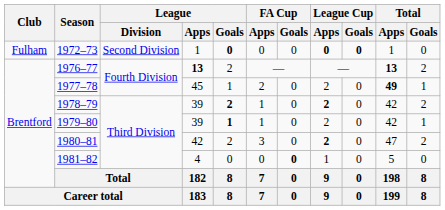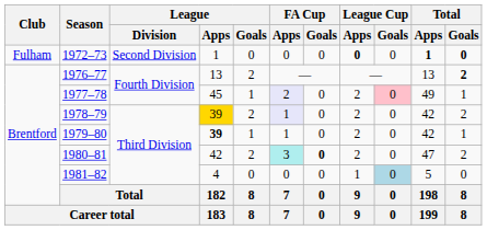 <table class="wikitable" style="text-align: center;">
 <tr>
 <th rowspan="2">Club</th>
 <th rowspan="2">Season</th>
 <th colspan="3">League</th>
 <th colspan="2">FA Cup</th>
 <th colspan="2">League Cup</th>
 <th colspan="2">Total</th>
 </tr>
 <tr>
 <th>Division</th>
 <th>Apps</th>
 <th>Goals</th>
 <th>Apps</th>
 <th>Goals</th>
 <th>Apps</th>
 <th>Goals</th>
 <th>Apps</th>
 <th>Goals</th>
 </tr>
 <tr>
 <td><a href='#'>Fulham</a></td>
 <td><a href='#'>1972–73</a></td>
 <td><a href='#'>Second Division</a></td>
 <td>1</td>
-<td><strong>0</strong></td>
+<td>0</td>
 <td>0</td>
 <td>0</td>
 <td><strong>0</strong></td>
+<td>0</td>
+<td><strong>1</strong></td>
 <td><strong>0</strong></td>
-<td>1</td>
-<td>0</td>
 </tr>
 <tr>
 <td rowspan="7"><a href='#'>Brentford</a></td>
 <td><a href='#'>1976–77</a></td>
 <td rowspan="2"><a href='#'>Fourth Division</a></td>
-<td><strong>13</strong></td>
+<td>13</td>
 <td>2</td>
 <td colspan="2">—</td>
 <td colspan="2">—</td>
-<td><strong>13</strong></td>
-<td>2</td>
+<td>13</td>
+<td><strong>2</strong></td>
 </tr>
 <tr>
 <td><a href='#'>1977–78</a></td>
 <td>45</td>
 <td>1</td>
-<td>2</td>
+<td style="background: lavender;">2</td>
 <td>0</td>
 <td>2</td>
-<td>0</td>
-<td><strong>49</strong></td>
+<td style="background: pink;">0</td>
+<td>49</td>
 <td>1</td>
 </tr>
 <tr>
 <td><a href='#'>1978–79</a></td>
 <td rowspan="4"><a href='#'>Third Division</a></td>
-<td>39</td>
-<td><strong>2</strong></td>
-<td>1</td>
+<td style="background: gold;">39</td>
+<td>2</td>
+<td style="background: lavender;">1</td>
 <td>0</td>
-<td><strong>2</strong></td>
+<td>2</td>
 <td>0</td>
 <td>42</td>
 <td>2</td>
 </tr>
 <tr>
 <td><a href='#'>1979–80</a></td>
-<td>39</td>
-<td><strong>1</strong></td>
+<td><strong>39</strong></td>
+<td>1</td>
 <td>1</td>
 <td>0</td>
 <td>2</td>
 <td>0</td>
 <td>42</td>
 <td>1</td>
 </tr>
 <tr>
 <td><a href='#'>1980–81</a></td>
 <td>42</td>
 <td>2</td>
-<td>3</td>
-<td>0</td>
-<td><strong>2</strong></td>
+<td style="background: paleturquoise;">3</td>
+<td><strong>0</strong></td>
+<td>2</td>
 <td>0</td>
 <td>47</td>
 <td>2</td>
 </tr>
 <tr>
 <td><a href='#'>1981–82</a></td>
 <td>4</td>
 <td>0</td>
 <td>0</td>
-<td><strong>0</strong></td>
+<td>0</td>
 <td>1</td>
-<td>0</td>
+<td style="background: lightblue;">0</td>
 <td>5</td>
 <td>0</td>
 </tr>
 <tr>
 <th colspan="2">Total</th>
 <th>182</th>
 <th>8</th>
 <th>7</th>
 <th>0</th>
 <th>9</th>
 <th>0</th>
 <th>198</th>
 <th>8</th>
 </tr>
 <tr>
 <th colspan="3">Career total</th>
 <th>183</th>
 <th>8</th>
 <th>7</th>
 <th>0</th>
 <th>9</th>
 <th>0</th>
 <th>199</th>
 <th>8</th>
 </tr>
 </table>
